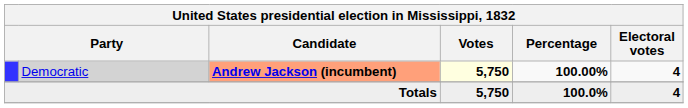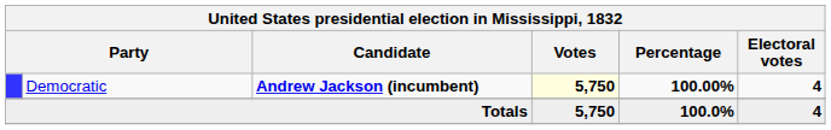 <table class="wikitable" style="font-size: 95%;">
 <tr>
 <th colspan="6">United States presidential election in Mississippi, 1832</th>
 </tr>
 <tr>
 <th colspan="2" style="width: 15em">Party</th>
 <th style="width: 17em">Candidate</th>
 <th style="width: 5em">Votes</th>
 <th style="width: 7em">Percentage</th>
 <th style="width: 5em">Electoral votes</th>
 </tr>
 <tr>
 <th style="background-color:#3333FF; width: 3px"></th>
-<td style="background: lightgrey; width: 130px"><a href='#'>Democratic</a></td>
-<td style="background: lightsalmon;"><strong><a href='#'>Andrew Jackson</a> (incumbent)</strong></td>
+<td style="width: 130px"><a href='#'>Democratic</a></td>
+<td><strong><a href='#'>Andrew Jackson</a> (incumbent)</strong></td>
 <td align="right" style="background: lightyellow;"><strong>5,750</strong></td>
 <td align="right"><strong>100.00%</strong></td>
 <td align="right"><strong>4</strong></td>
 </tr>
 <tr>
 </tr>
 <tr bgcolor="#EEEEEE">
 <td colspan="3" align="right"><strong>Totals</strong></td>
 <td align="right"><strong>5,750</strong></td>
 <td align="right"><strong>100.0%</strong></td>
 <td align="right"><strong>4</strong></td>
 </tr>
 <tr>
 </tr>
 </table>
